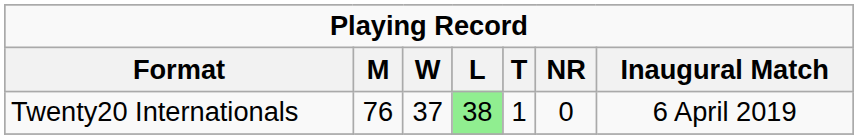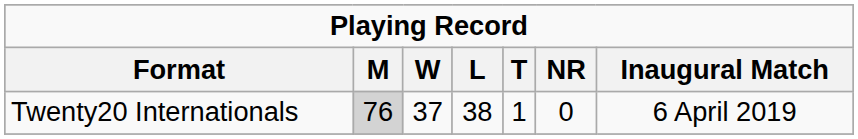 <table class="wikitable" style="text-align: center; width: 500px;">
 <tr>
 <td colspan=7 align="center"><strong>Playing Record</strong></td>
 </tr>
 <tr>
 <th>Format</th>
 <th>M</th>
 <th>W</th>
 <th>L</th>
 <th>T</th>
 <th>NR</th>
 <th>Inaugural Match</th>
 </tr>
 <tr>
 <td align="left">Twenty20 Internationals</td>
-<td>76</td>
+<td style="background: lightgrey;">76</td>
 <td>37</td>
-<td style="background: lightgreen;">38</td>
+<td>38</td>
 <td>1</td>
 <td>0</td>
 <td>6 April 2019</td>
 </tr>
 </table>
